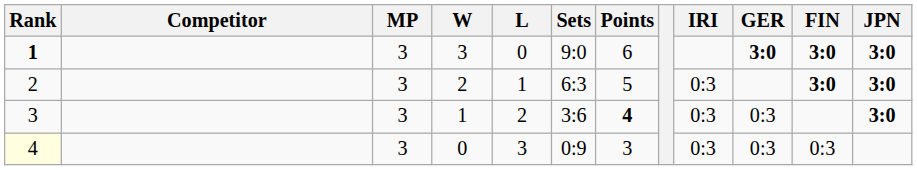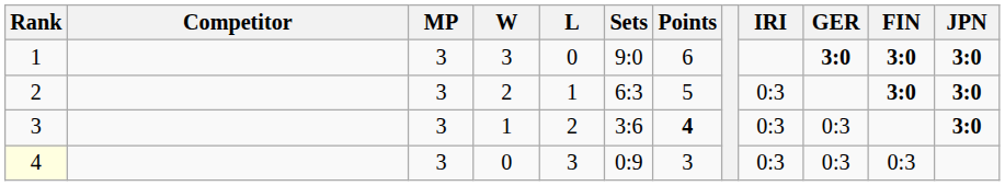 <table class="wikitable" style="text-align:center">
 <tr>
 <th>Rank</th>
 <th style="width:15em">Competitor</th>
 <th style="width:2.5em">MP</th>
 <th style="width:2.5em">W</th>
 <th style="width:2.5em">L</th>
 <th>Sets</th>
 <th style="width:2.5em">Points</th>
 <th rowspan="5"> </th>
 <th style="width:2.5em">IRI</th>
 <th style="width:2.5em">GER</th>
 <th style="width:2.5em">FIN</th>
 <th style="width:2.5em">JPN</th>
 </tr>
 <tr>
-<td><strong>1</strong></td>
+<td>1</td>
 <td style="text-align:left"></td>
 <td>3</td>
 <td>3</td>
 <td>0</td>
 <td>9:0</td>
 <td>6</td>
 <td></td>
 <td><strong>3:0</strong></td>
 <td><strong>3:0</strong></td>
 <td><strong>3:0</strong></td>
 </tr>
 <tr>
 <td>2</td>
 <td style="text-align:left"></td>
 <td>3</td>
 <td>2</td>
 <td>1</td>
 <td>6:3</td>
 <td>5</td>
 <td>0:3</td>
 <td></td>
 <td><strong>3:0</strong></td>
 <td><strong>3:0</strong></td>
 </tr>
 <tr>
 <td>3</td>
 <td style="text-align:left"></td>
 <td>3</td>
 <td>1</td>
 <td>2</td>
 <td>3:6</td>
 <td><strong>4</strong></td>
 <td>0:3</td>
 <td>0:3</td>
 <td></td>
 <td><strong>3:0</strong></td>
 </tr>
 <tr>
 <td style="background: lightyellow;">4</td>
 <td style="text-align:left"></td>
 <td>3</td>
 <td>0</td>
 <td>3</td>
 <td>0:9</td>
 <td>3</td>
 <td>0:3</td>
 <td>0:3</td>
 <td>0:3</td>
 <td></td>
 </tr>
 </table>
